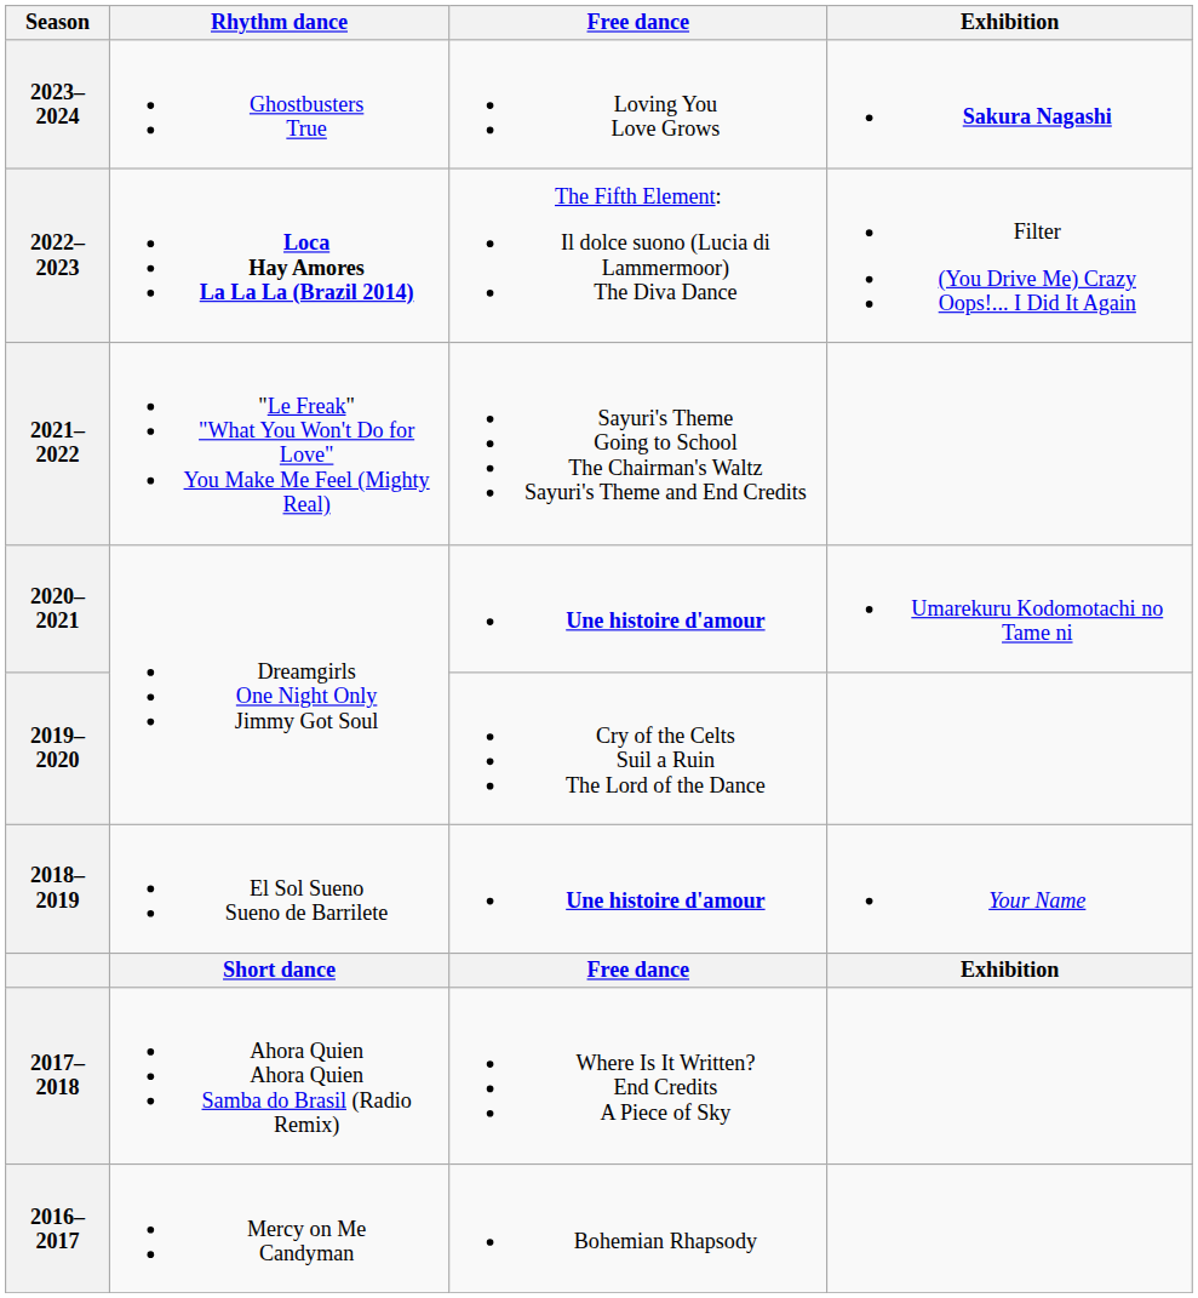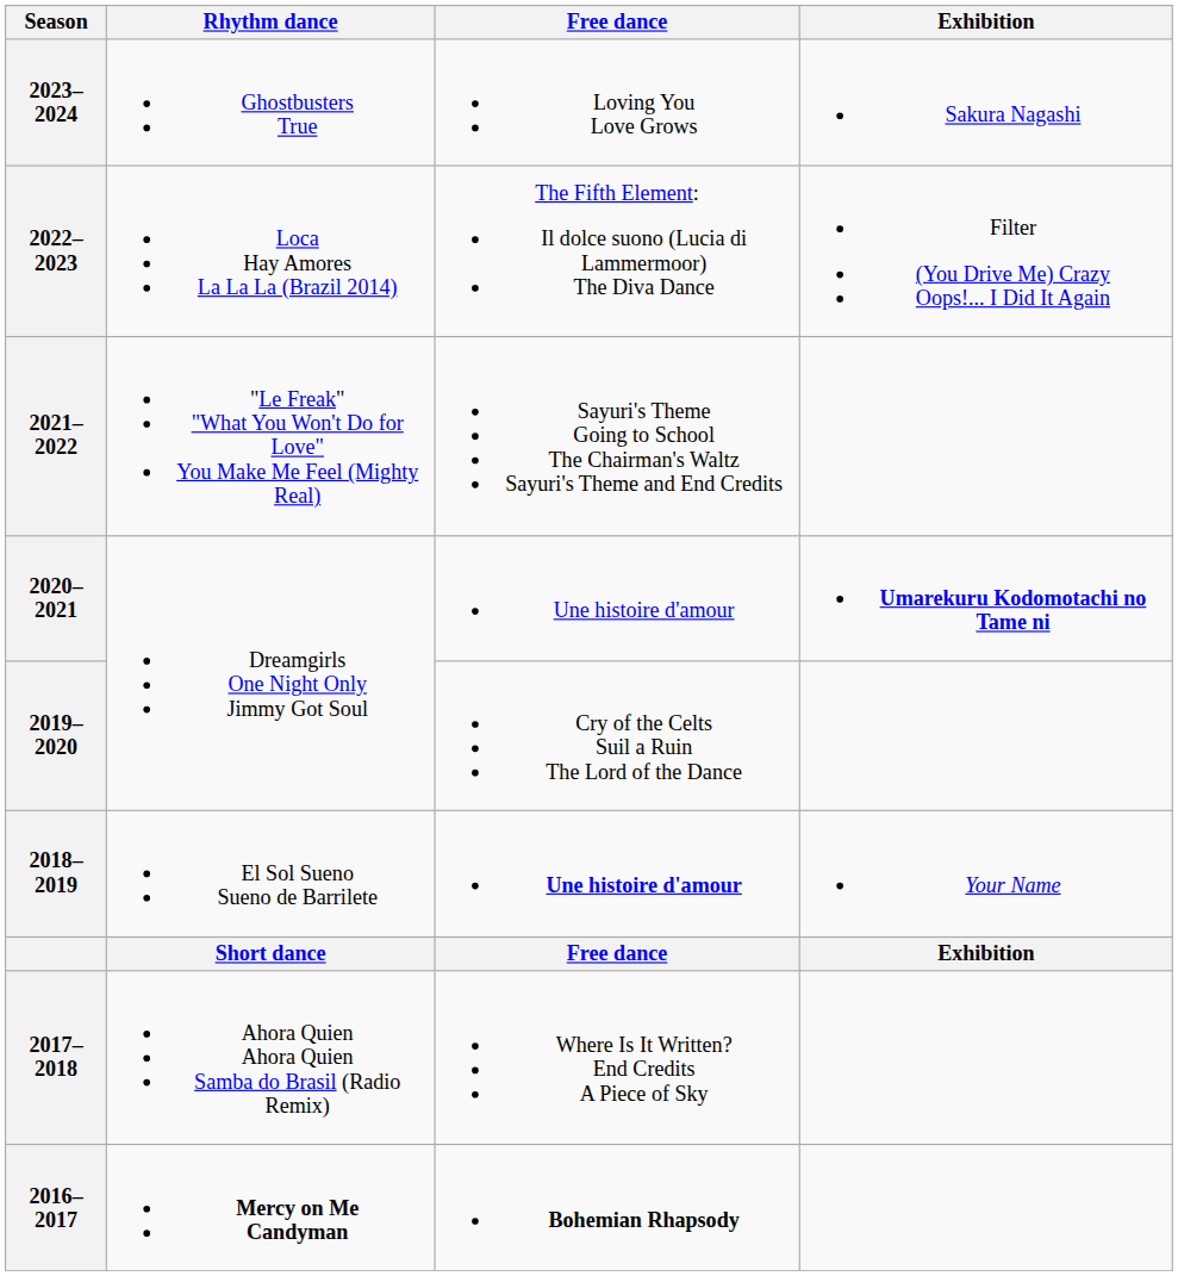 <table class=wikitable style=text-align:center>
 <tr>
 <th>Season</th>
 <th><a href='#'>Rhythm dance</a></th>
 <th><a href='#'>Free dance</a></th>
 <th>Exhibition</th>
 </tr>
 <tr>
 <th>2023–2024  <br> </th>
 <td><br><ul><li><a href='#'>Ghostbusters</a> <br> </li><li><a href='#'>True</a> <br> </li></ul></td>
 <td><br><ul><li>Loving You <br></li><li>Love Grows <br></li></ul></td>
-<td><strong><br><ul><li><a href='#'>Sakura Nagashi</a> <br></li></ul></strong></td>
+<td><br><ul><li><a href='#'>Sakura Nagashi</a> <br></li></ul></td>
 </tr>
 <tr>
 <th>2022–2023  <br> </th>
-<td><strong><br><ul><li><a href='#'>Loca</a> <br></li><li>Hay Amores <br></li><li><a href='#'>La La La (Brazil 2014)</a>  <br></li></ul></strong></td>
+<td><br><ul><li><a href='#'>Loca</a> <br></li><li>Hay Amores <br></li><li><a href='#'>La La La (Brazil 2014)</a>  <br></li></ul></td>
 <td><a href='#'>The Fifth Element</a>:<br><ul><li>Il dolce suono (Lucia di Lammermoor) <br></li><li>The Diva Dance <br></li></ul></td>
 <td><br><ul><li>Filter <br></li></ul><ul><li><a href='#'>(You Drive Me) Crazy</a></li><li><a href='#'>Oops!... I Did It Again</a> <br></li></ul></td>
 </tr>
 <tr>
 <th>2021–2022 <br> </th>
 <td><br><ul><li>"<a href='#'>Le Freak</a>" <br> </li><li><a href='#'>"What You Won't Do for Love"</a> <br> </li><li><a href='#'>You Make Me Feel (Mighty Real)</a> <br></li></ul></td>
 <td><br><ul><li>Sayuri's Theme</li><li>Going to School</li><li>The Chairman's Waltz</li><li>Sayuri's Theme and End Credits <br> </li></ul></td>
 <td></td>
 </tr>
 <tr>
 <th>2020–2021 <br> </th>
 <td rowspan=2><br><ul><li> Dreamgirls</li><li> <a href='#'>One Night Only</a></li><li> Jimmy Got Soul <br></li></ul></td>
-<td><strong><br><ul><li><a href='#'>Une histoire d'amour</a> <br></li></ul></strong></td>
-<td><br><ul><li><a href='#'>Umarekuru Kodomotachi no Tame ni</a> <br></li></ul></td>
+<td><br><ul><li><a href='#'>Une histoire d'amour</a> <br></li></ul></td>
+<td><strong><br><ul><li><a href='#'>Umarekuru Kodomotachi no Tame ni</a> <br></li></ul></strong></td>
 </tr>
 <tr>
 <th>2019–2020 <br> </th>
 <td><br><ul><li>Cry of the Celts</li><li>Suil a Ruin</li><li>The Lord of the Dance <br></li></ul></td>
 <td></td>
 </tr>
 <tr>
 <th>2018–2019 <br> </th>
 <td><br><ul><li> El Sol Sueno <br></li><li> Sueno de Barrilete <br></li></ul></td>
 <td><strong><br><ul><li><a href='#'>Une histoire d'amour</a> <br></li></ul></strong></td>
 <td><br><ul><li><em><a href='#'>Your Name</a></em><br></li></ul></td>
 </tr>
 <tr>
 <th></th>
 <th><a href='#'>Short dance</a></th>
 <th><a href='#'>Free dance</a></th>
 <th>Exhibition</th>
 </tr>
 <tr>
 <th>2017–2018 <br> </th>
 <td><br><ul><li> Ahora Quien <br></li><li> Ahora Quien <br></li><li> <a href='#'>Samba do Brasil</a> (Radio Remix) <br></li></ul></td>
 <td><br><ul><li>Where Is It Written? <br></li><li>End Credits <br></li><li>A Piece of Sky <br></li></ul></td>
 <td></td>
 </tr>
 <tr>
 <th>2016–2017<br></th>
-<td><br><ul><li>Mercy on Me</li><li>Candyman <br> </li></ul></td>
-<td><br><ul><li>Bohemian Rhapsody <br> </li></ul></td>
+<td><strong><br><ul><li>Mercy on Me</li><li>Candyman <br> </li></ul></strong></td>
+<td><strong><br><ul><li>Bohemian Rhapsody <br> </li></ul></strong></td>
 <td></td>
 </tr>
 </table>
